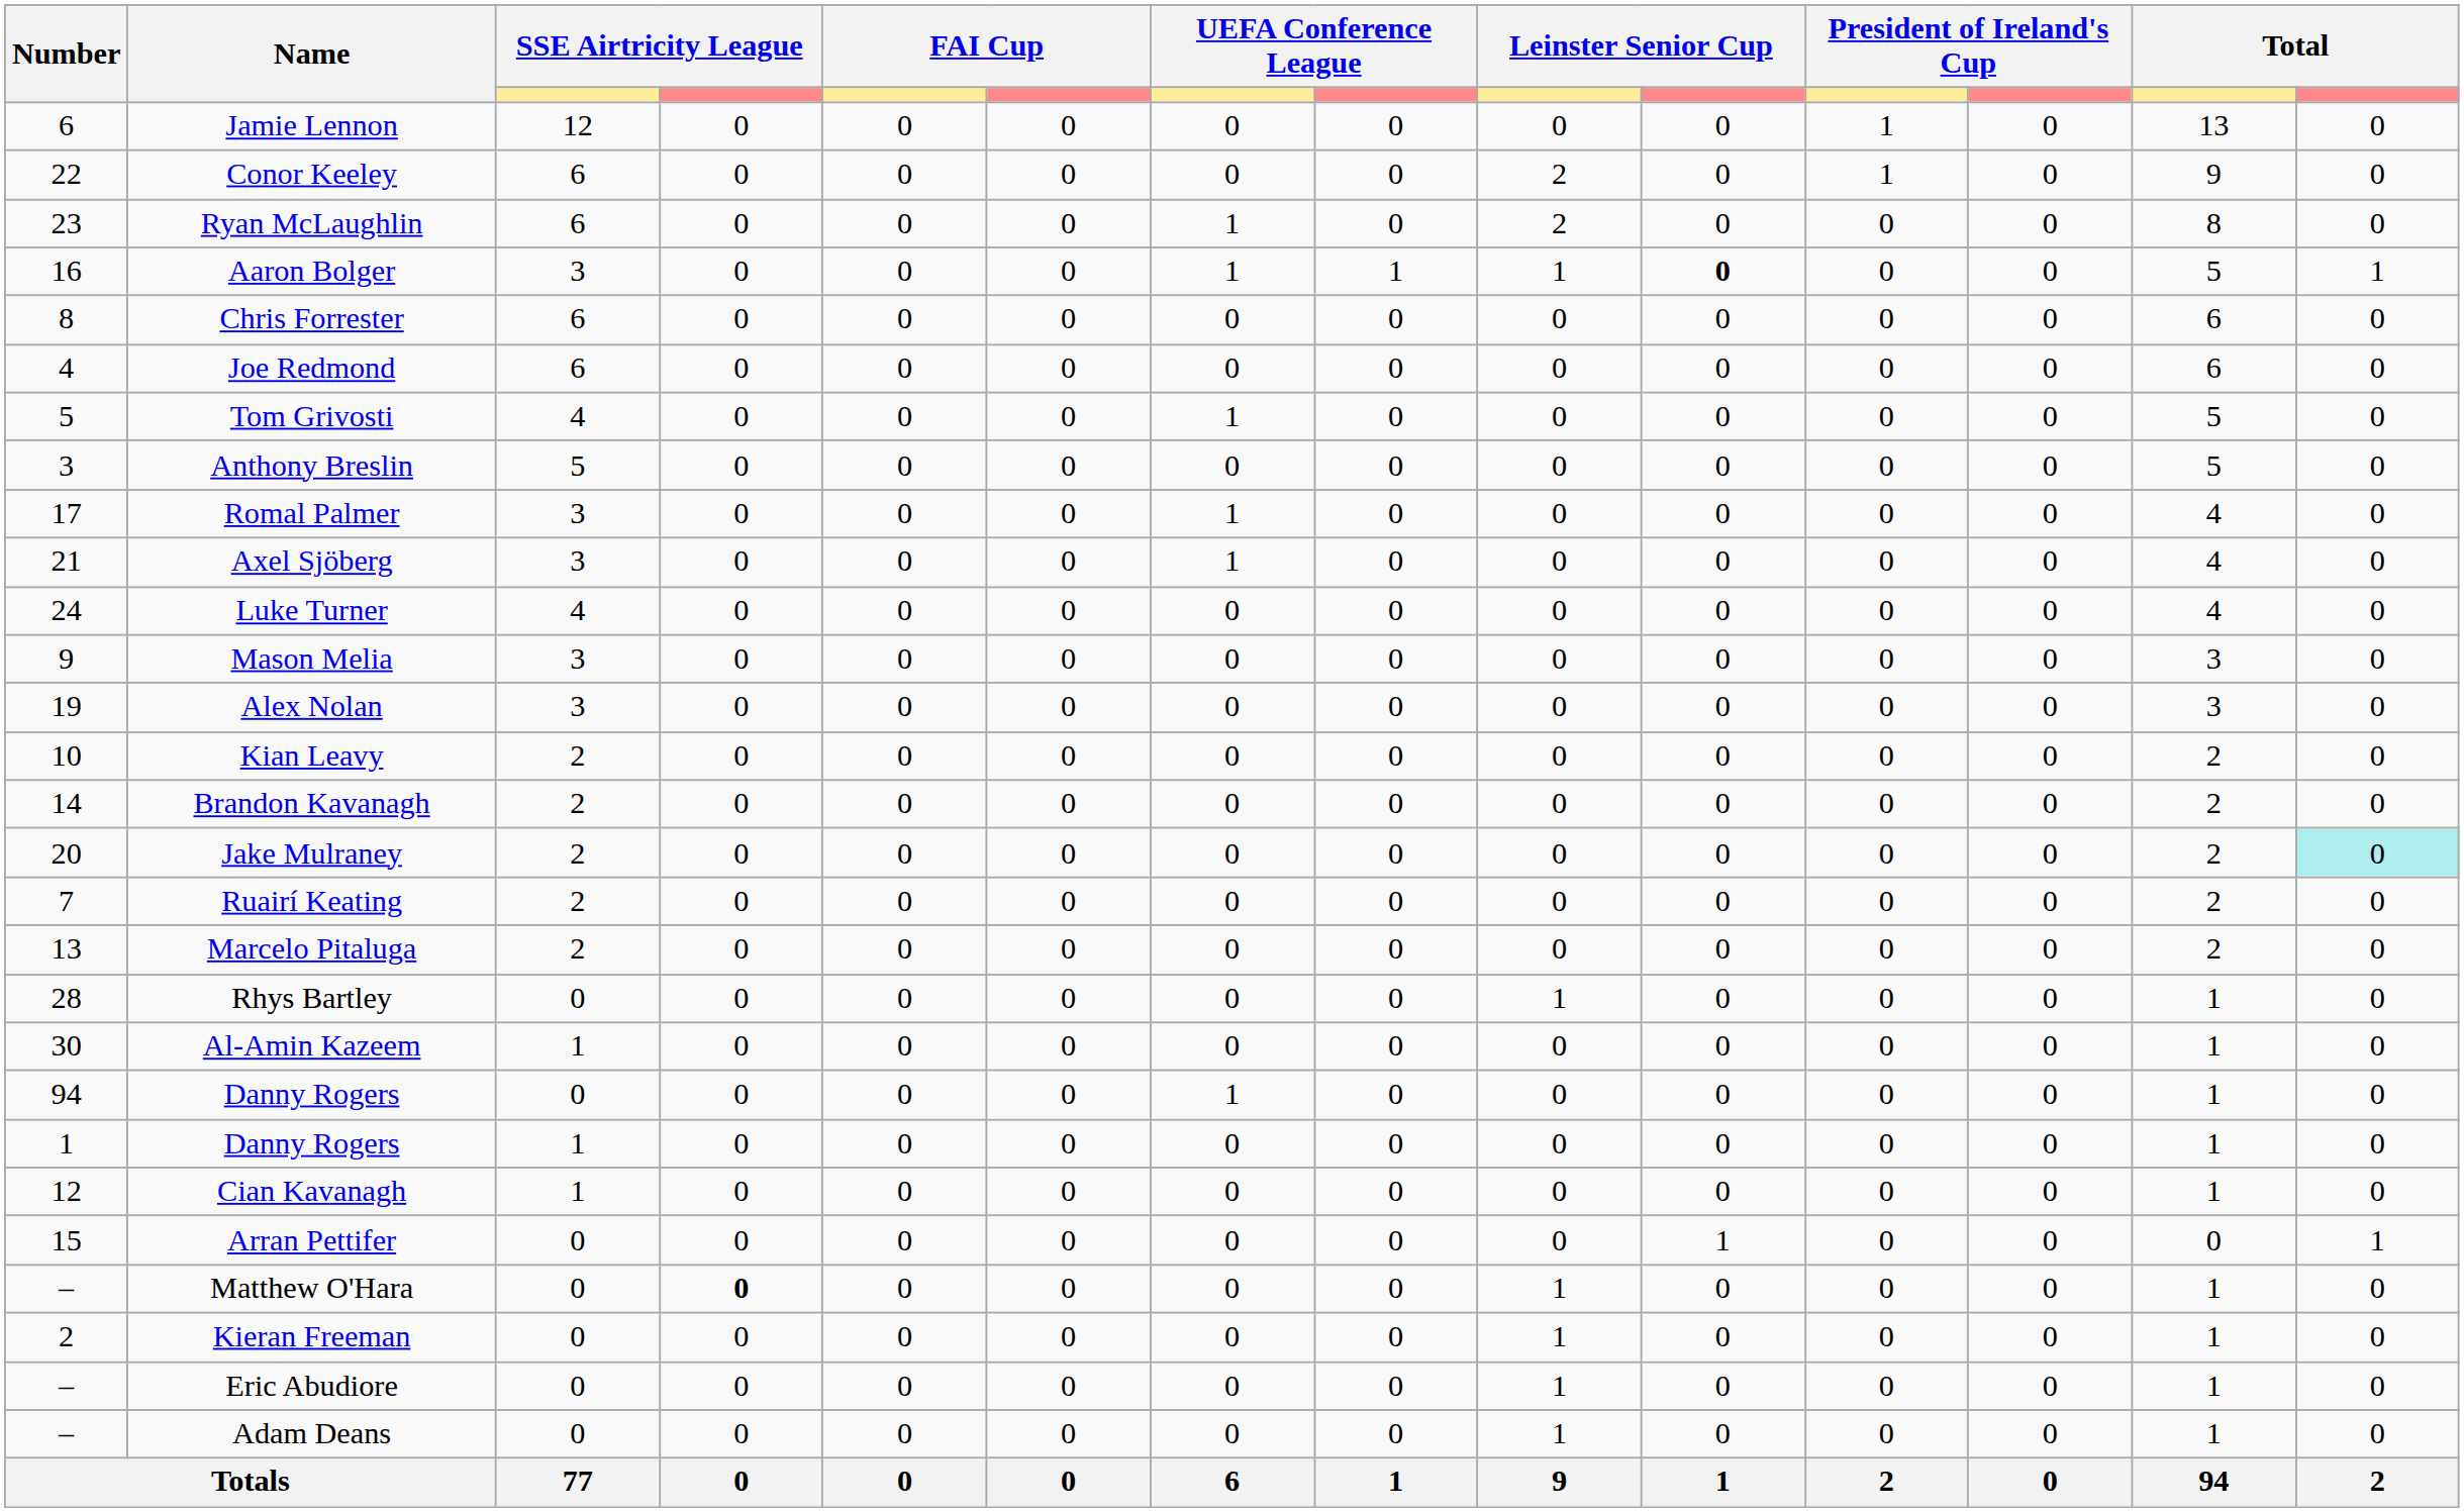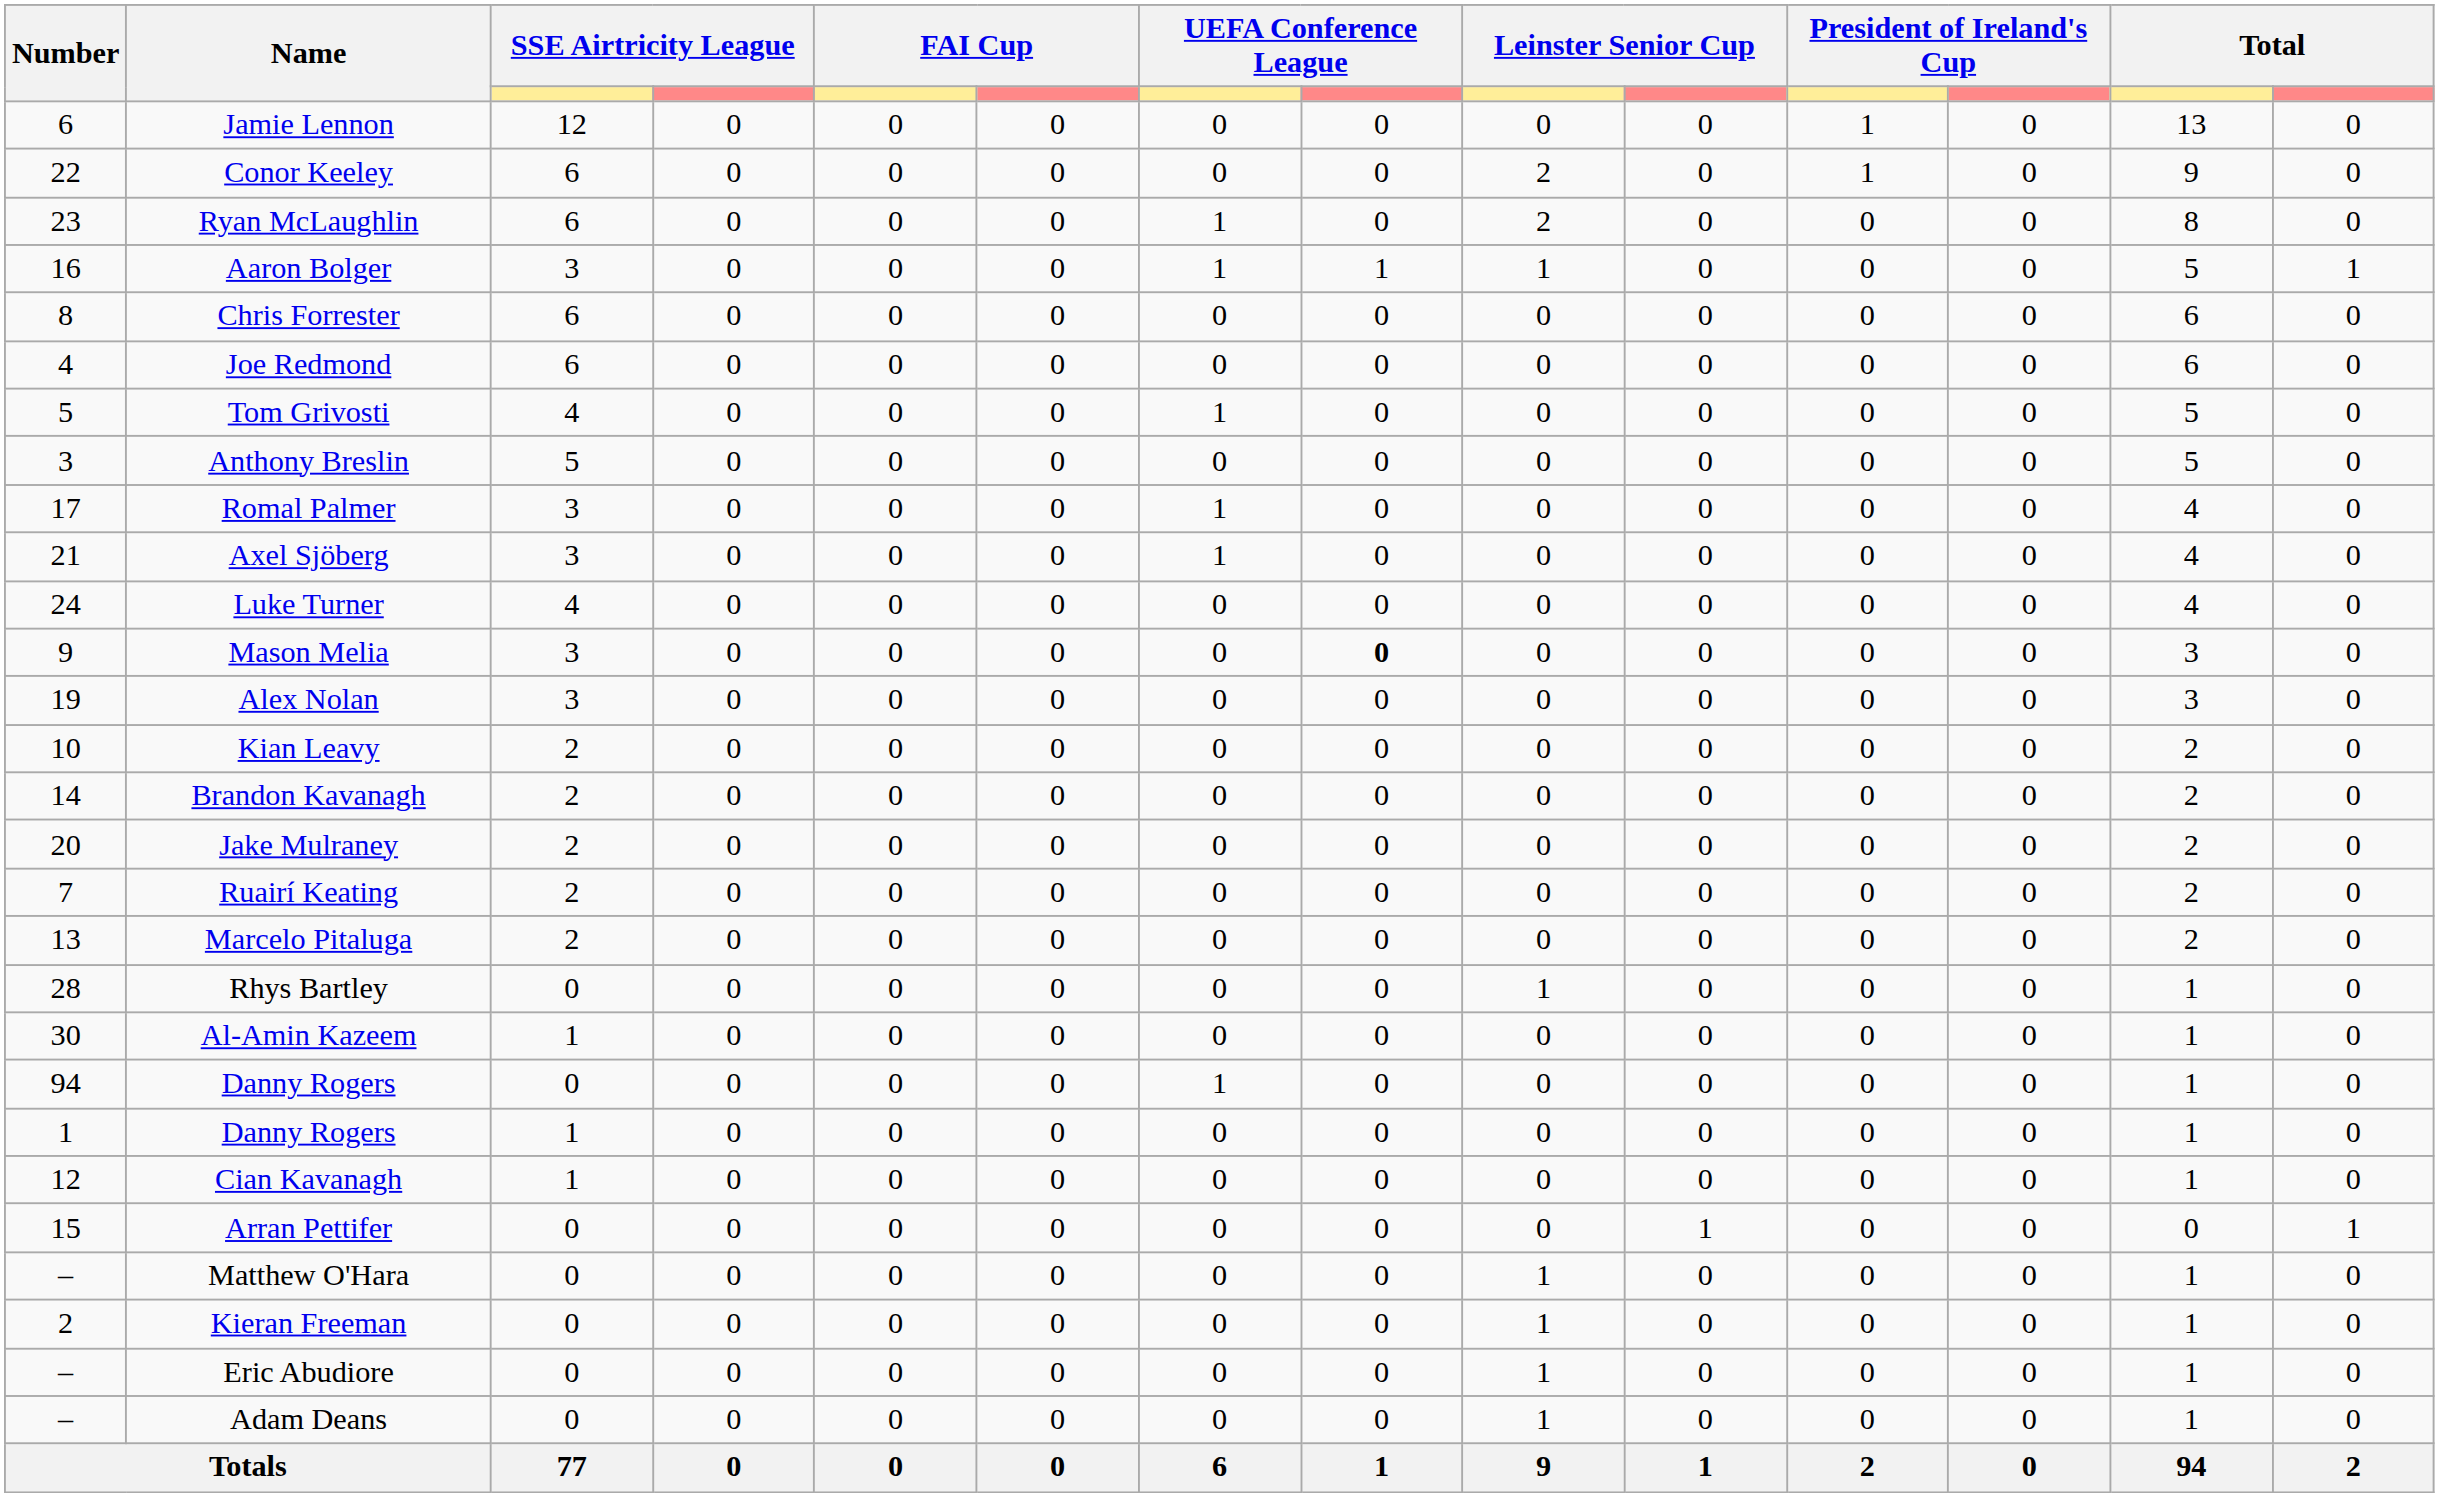 <table class="wikitable" style="text-align:center">
 <tr>
 <th rowspan="2" style="width:5%">Number</th>
 <th rowspan="2" style="width:15%">Name</th>
 <th colspan="2"><a href='#'>SSE Airtricity League</a></th>
 <th colspan="2"><a href='#'>FAI Cup</a></th>
 <th colspan="2"><a href='#'>UEFA Conference League</a></th>
 <th colspan="2"><a href='#'>Leinster Senior Cup</a></th>
 <th colspan="2"><a href='#'>President of Ireland's Cup</a></th>
 <th colspan="2">Total</th>
 </tr>
 <tr>
 <th style="width:50px;background:#fe9"></th>
 <th style="width:50px;background:#f88"></th>
 <th style="width:50px;background:#fe9"></th>
 <th style="width:50px;background:#f88"></th>
 <th style="width:50px;background:#fe9"></th>
 <th style="width:50px;background:#f88"></th>
 <th style="width:50px;background:#fe9"></th>
 <th style="width:50px;background:#f88"></th>
 <th style="width:50px;background:#fe9"></th>
 <th style="width:50px;background:#f88"></th>
 <th style="width:50px;background:#fe9"></th>
 <th style="width:50px;background:#f88"></th>
 </tr>
 <tr>
 <td>6</td>
 <td><a href='#'>Jamie Lennon</a></td>
 <td>12</td>
 <td>0</td>
 <td>0</td>
 <td>0</td>
 <td>0</td>
 <td>0</td>
 <td>0</td>
 <td>0</td>
 <td>1</td>
 <td>0</td>
 <td>13</td>
 <td>0</td>
 </tr>
 <tr>
 <td>22</td>
 <td><a href='#'>Conor Keeley</a></td>
 <td>6</td>
 <td>0</td>
 <td>0</td>
 <td>0</td>
 <td>0</td>
 <td>0</td>
 <td>2</td>
 <td>0</td>
 <td>1</td>
 <td>0</td>
 <td>9</td>
 <td>0</td>
 </tr>
 <tr>
 <td>23</td>
 <td><a href='#'>Ryan McLaughlin</a></td>
 <td>6</td>
 <td>0</td>
 <td>0</td>
 <td>0</td>
 <td>1</td>
 <td>0</td>
 <td>2</td>
 <td>0</td>
 <td>0</td>
 <td>0</td>
 <td>8</td>
 <td>0</td>
 </tr>
 <tr>
 <td>16</td>
 <td><a href='#'>Aaron Bolger</a></td>
 <td>3</td>
 <td>0</td>
 <td>0</td>
 <td>0</td>
 <td>1</td>
 <td>1</td>
 <td>1</td>
-<td><strong>0</strong></td>
+<td>0</td>
 <td>0</td>
 <td>0</td>
 <td>5</td>
 <td>1</td>
 </tr>
 <tr>
 <td>8</td>
 <td><a href='#'>Chris Forrester</a></td>
 <td>6</td>
 <td>0</td>
 <td>0</td>
 <td>0</td>
 <td>0</td>
 <td>0</td>
 <td>0</td>
 <td>0</td>
 <td>0</td>
 <td>0</td>
 <td>6</td>
 <td>0</td>
 </tr>
 <tr>
 <td>4</td>
 <td><a href='#'>Joe Redmond</a></td>
 <td>6</td>
 <td>0</td>
 <td>0</td>
 <td>0</td>
 <td>0</td>
 <td>0</td>
 <td>0</td>
 <td>0</td>
 <td>0</td>
 <td>0</td>
 <td>6</td>
 <td>0</td>
 </tr>
 <tr>
 <td>5</td>
 <td><a href='#'>Tom Grivosti</a></td>
 <td>4</td>
 <td>0</td>
 <td>0</td>
 <td>0</td>
 <td>1</td>
 <td>0</td>
 <td>0</td>
 <td>0</td>
 <td>0</td>
 <td>0</td>
 <td>5</td>
 <td>0</td>
 </tr>
 <tr>
 <td>3</td>
 <td><a href='#'>Anthony Breslin</a></td>
 <td>5</td>
 <td>0</td>
 <td>0</td>
 <td>0</td>
 <td>0</td>
 <td>0</td>
 <td>0</td>
 <td>0</td>
 <td>0</td>
 <td>0</td>
 <td>5</td>
 <td>0</td>
 </tr>
 <tr>
 <td>17</td>
 <td><a href='#'>Romal Palmer</a></td>
 <td>3</td>
 <td>0</td>
 <td>0</td>
 <td>0</td>
 <td>1</td>
 <td>0</td>
 <td>0</td>
 <td>0</td>
 <td>0</td>
 <td>0</td>
 <td>4</td>
 <td>0</td>
 </tr>
 <tr>
 <td>21</td>
 <td><a href='#'>Axel Sjöberg</a></td>
 <td>3</td>
 <td>0</td>
 <td>0</td>
 <td>0</td>
 <td>1</td>
 <td>0</td>
 <td>0</td>
 <td>0</td>
 <td>0</td>
 <td>0</td>
 <td>4</td>
 <td>0</td>
 </tr>
 <tr>
 <td>24</td>
 <td><a href='#'>Luke Turner</a></td>
 <td>4</td>
 <td>0</td>
 <td>0</td>
 <td>0</td>
 <td>0</td>
 <td>0</td>
 <td>0</td>
 <td>0</td>
 <td>0</td>
 <td>0</td>
 <td>4</td>
 <td>0</td>
 </tr>
 <tr>
 <td>9</td>
 <td><a href='#'>Mason Melia</a></td>
 <td>3</td>
 <td>0</td>
 <td>0</td>
 <td>0</td>
 <td>0</td>
-<td>0</td>
+<td><strong>0</strong></td>
 <td>0</td>
 <td>0</td>
 <td>0</td>
 <td>0</td>
 <td>3</td>
 <td>0</td>
 </tr>
 <tr>
 <td>19</td>
 <td><a href='#'>Alex Nolan</a></td>
 <td>3</td>
 <td>0</td>
 <td>0</td>
 <td>0</td>
 <td>0</td>
 <td>0</td>
 <td>0</td>
 <td>0</td>
 <td>0</td>
 <td>0</td>
 <td>3</td>
 <td>0</td>
 </tr>
 <tr>
 <td>10</td>
 <td><a href='#'>Kian Leavy</a></td>
 <td>2</td>
 <td>0</td>
 <td>0</td>
 <td>0</td>
 <td>0</td>
 <td>0</td>
 <td>0</td>
 <td>0</td>
 <td>0</td>
 <td>0</td>
 <td>2</td>
 <td>0</td>
 </tr>
 <tr>
 <td>14</td>
 <td><a href='#'>Brandon Kavanagh</a></td>
 <td>2</td>
 <td>0</td>
 <td>0</td>
 <td>0</td>
 <td>0</td>
 <td>0</td>
 <td>0</td>
 <td>0</td>
 <td>0</td>
 <td>0</td>
 <td>2</td>
 <td>0</td>
 </tr>
 <tr>
 <td>20</td>
 <td><a href='#'>Jake Mulraney</a></td>
 <td>2</td>
 <td>0</td>
 <td>0</td>
 <td>0</td>
 <td>0</td>
 <td>0</td>
 <td>0</td>
 <td>0</td>
 <td>0</td>
 <td>0</td>
 <td>2</td>
-<td style="background: paleturquoise;">0</td>
+<td>0</td>
 </tr>
 <tr>
 <td>7</td>
 <td><a href='#'>Ruairí Keating</a></td>
 <td>2</td>
 <td>0</td>
 <td>0</td>
 <td>0</td>
 <td>0</td>
 <td>0</td>
 <td>0</td>
 <td>0</td>
 <td>0</td>
 <td>0</td>
 <td>2</td>
 <td>0</td>
 </tr>
 <tr>
 <td>13</td>
 <td><a href='#'>Marcelo Pitaluga</a></td>
 <td>2</td>
 <td>0</td>
 <td>0</td>
 <td>0</td>
 <td>0</td>
 <td>0</td>
 <td>0</td>
 <td>0</td>
 <td>0</td>
 <td>0</td>
 <td>2</td>
 <td>0</td>
 </tr>
 <tr>
 <td>28</td>
 <td>Rhys Bartley</td>
 <td>0</td>
 <td>0</td>
 <td>0</td>
 <td>0</td>
 <td>0</td>
 <td>0</td>
 <td>1</td>
 <td>0</td>
 <td>0</td>
 <td>0</td>
 <td>1</td>
 <td>0</td>
 </tr>
 <tr>
 <td>30</td>
 <td><a href='#'>Al-Amin Kazeem</a></td>
 <td>1</td>
 <td>0</td>
 <td>0</td>
 <td>0</td>
 <td>0</td>
 <td>0</td>
 <td>0</td>
 <td>0</td>
 <td>0</td>
 <td>0</td>
 <td>1</td>
 <td>0</td>
 </tr>
 <tr>
 <td>94</td>
 <td><a href='#'>Danny Rogers</a></td>
 <td>0</td>
 <td>0</td>
 <td>0</td>
 <td>0</td>
 <td>1</td>
 <td>0</td>
 <td>0</td>
 <td>0</td>
 <td>0</td>
 <td>0</td>
 <td>1</td>
 <td>0</td>
 </tr>
 <tr>
 <td>1</td>
 <td><a href='#'>Danny Rogers</a></td>
 <td>1</td>
 <td>0</td>
 <td>0</td>
 <td>0</td>
 <td>0</td>
 <td>0</td>
 <td>0</td>
 <td>0</td>
 <td>0</td>
 <td>0</td>
 <td>1</td>
 <td>0</td>
 </tr>
 <tr>
 <td>12</td>
 <td><a href='#'>Cian Kavanagh</a></td>
 <td>1</td>
 <td>0</td>
 <td>0</td>
 <td>0</td>
 <td>0</td>
 <td>0</td>
 <td>0</td>
 <td>0</td>
 <td>0</td>
 <td>0</td>
 <td>1</td>
 <td>0</td>
 </tr>
 <tr>
 <td>15</td>
 <td><a href='#'>Arran Pettifer</a></td>
 <td>0</td>
 <td>0</td>
 <td>0</td>
 <td>0</td>
 <td>0</td>
 <td>0</td>
 <td>0</td>
 <td>1</td>
 <td>0</td>
 <td>0</td>
 <td>0</td>
 <td>1</td>
 </tr>
 <tr>
 <td>–</td>
 <td>Matthew O'Hara</td>
 <td>0</td>
-<td><strong>0</strong></td>
+<td>0</td>
 <td>0</td>
 <td>0</td>
 <td>0</td>
 <td>0</td>
 <td>1</td>
 <td>0</td>
 <td>0</td>
 <td>0</td>
 <td>1</td>
 <td>0</td>
 </tr>
 <tr>
 <td>2</td>
 <td><a href='#'>Kieran Freeman</a></td>
 <td>0</td>
 <td>0</td>
 <td>0</td>
 <td>0</td>
 <td>0</td>
 <td>0</td>
 <td>1</td>
 <td>0</td>
 <td>0</td>
 <td>0</td>
 <td>1</td>
 <td>0</td>
 </tr>
 <tr>
 <td>–</td>
 <td>Eric Abudiore</td>
 <td>0</td>
 <td>0</td>
 <td>0</td>
 <td>0</td>
 <td>0</td>
 <td>0</td>
 <td>1</td>
 <td>0</td>
 <td>0</td>
 <td>0</td>
 <td>1</td>
 <td>0</td>
 </tr>
 <tr>
 <td>–</td>
 <td>Adam Deans</td>
 <td>0</td>
 <td>0</td>
 <td>0</td>
 <td>0</td>
 <td>0</td>
 <td>0</td>
 <td>1</td>
 <td>0</td>
 <td>0</td>
 <td>0</td>
 <td>1</td>
 <td>0</td>
 </tr>
 <tr>
 <th colspan="2">Totals</th>
 <th>77</th>
 <th>0</th>
 <th>0</th>
 <th>0</th>
 <th>6</th>
 <th>1</th>
 <th>9</th>
 <th>1</th>
 <th>2</th>
 <th>0</th>
 <th>94</th>
 <th>2</th>
 </tr>
 </table>
